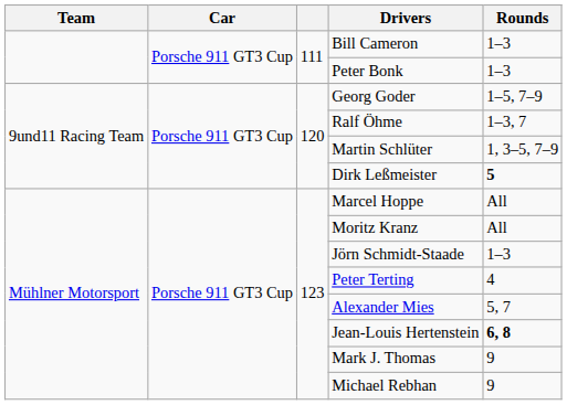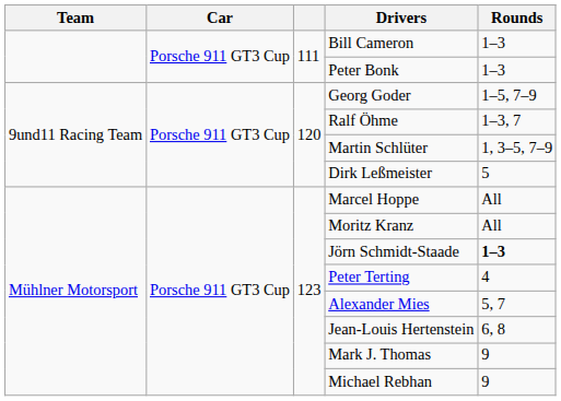 <table class="wikitable" style="font-size: 85%;">
 <tr>
 <th>Team</th>
 <th>Car</th>
 <th></th>
 <th>Drivers</th>
 <th colspan=2>Rounds</th>
 </tr>
 <tr>
 <td rowspan=2></td>
 <td rowspan=2><a href='#'>Porsche 911</a> GT3 Cup</td>
 <td rowspan=2>111</td>
 <td> Bill Cameron</td>
 <td>1–3</td>
 </tr>
 <tr>
 <td> Peter Bonk</td>
 <td>1–3</td>
 </tr>
 <tr>
 <td rowspan=4> 9und11 Racing Team</td>
 <td rowspan=4><a href='#'>Porsche 911</a> GT3 Cup</td>
 <td rowspan=4>120</td>
 <td> Georg Goder</td>
 <td>1–5, 7–9</td>
 </tr>
 <tr>
 <td> Ralf Öhme</td>
 <td>1–3, 7</td>
 </tr>
 <tr>
 <td> Martin Schlüter</td>
 <td>1, 3–5, 7–9</td>
 </tr>
 <tr>
 <td> Dirk Leßmeister</td>
-<td><strong>5</strong></td>
+<td>5</td>
 </tr>
 <tr>
 <td rowspan=8> <a href='#'>Mühlner Motorsport</a></td>
 <td rowspan=8><a href='#'>Porsche 911</a> GT3 Cup</td>
 <td rowspan=8>123</td>
 <td> Marcel Hoppe</td>
 <td>All</td>
 </tr>
 <tr>
 <td> Moritz Kranz</td>
 <td>All</td>
 </tr>
 <tr>
 <td> Jörn Schmidt-Staade</td>
-<td>1–3</td>
+<td><strong>1–3</strong></td>
 </tr>
 <tr>
 <td> <a href='#'>Peter Terting</a></td>
 <td>4</td>
 </tr>
 <tr>
 <td> <a href='#'>Alexander Mies</a></td>
 <td>5, 7</td>
 </tr>
 <tr>
 <td> Jean-Louis Hertenstein</td>
-<td><strong>6, 8</strong></td>
+<td>6, 8</td>
 </tr>
 <tr>
 <td> Mark J. Thomas</td>
 <td>9</td>
 </tr>
 <tr>
 <td> Michael Rebhan</td>
 <td>9</td>
 </tr>
 </table>
